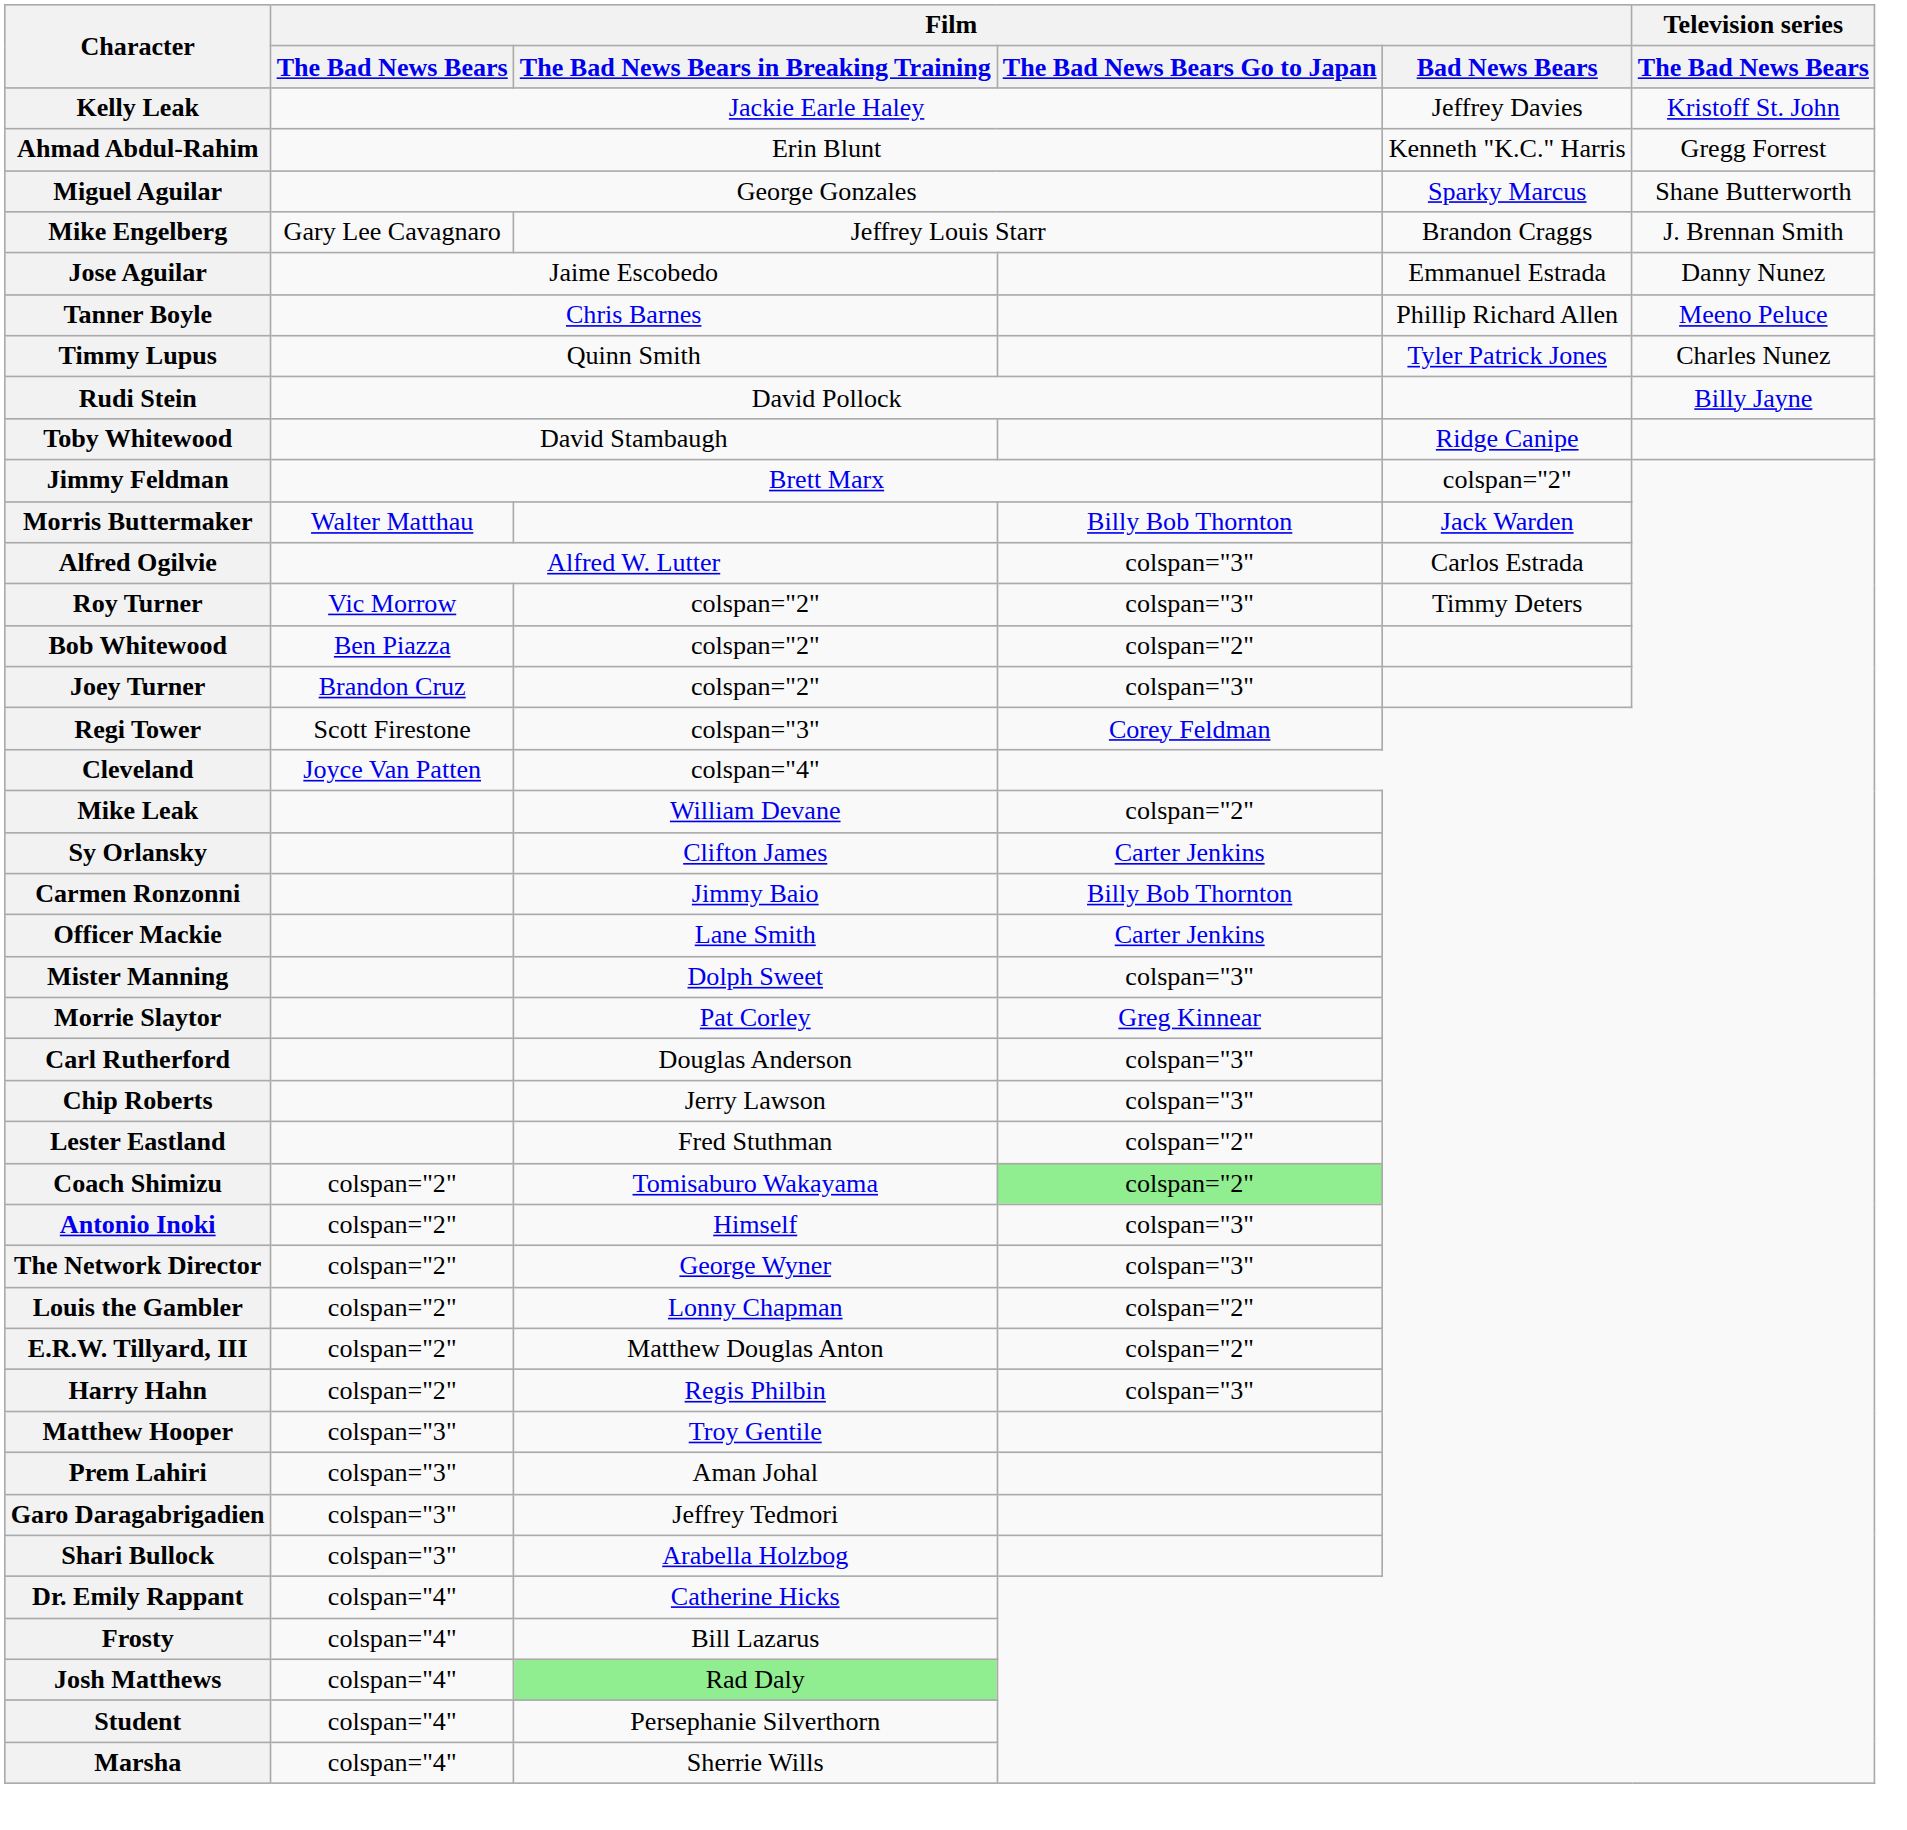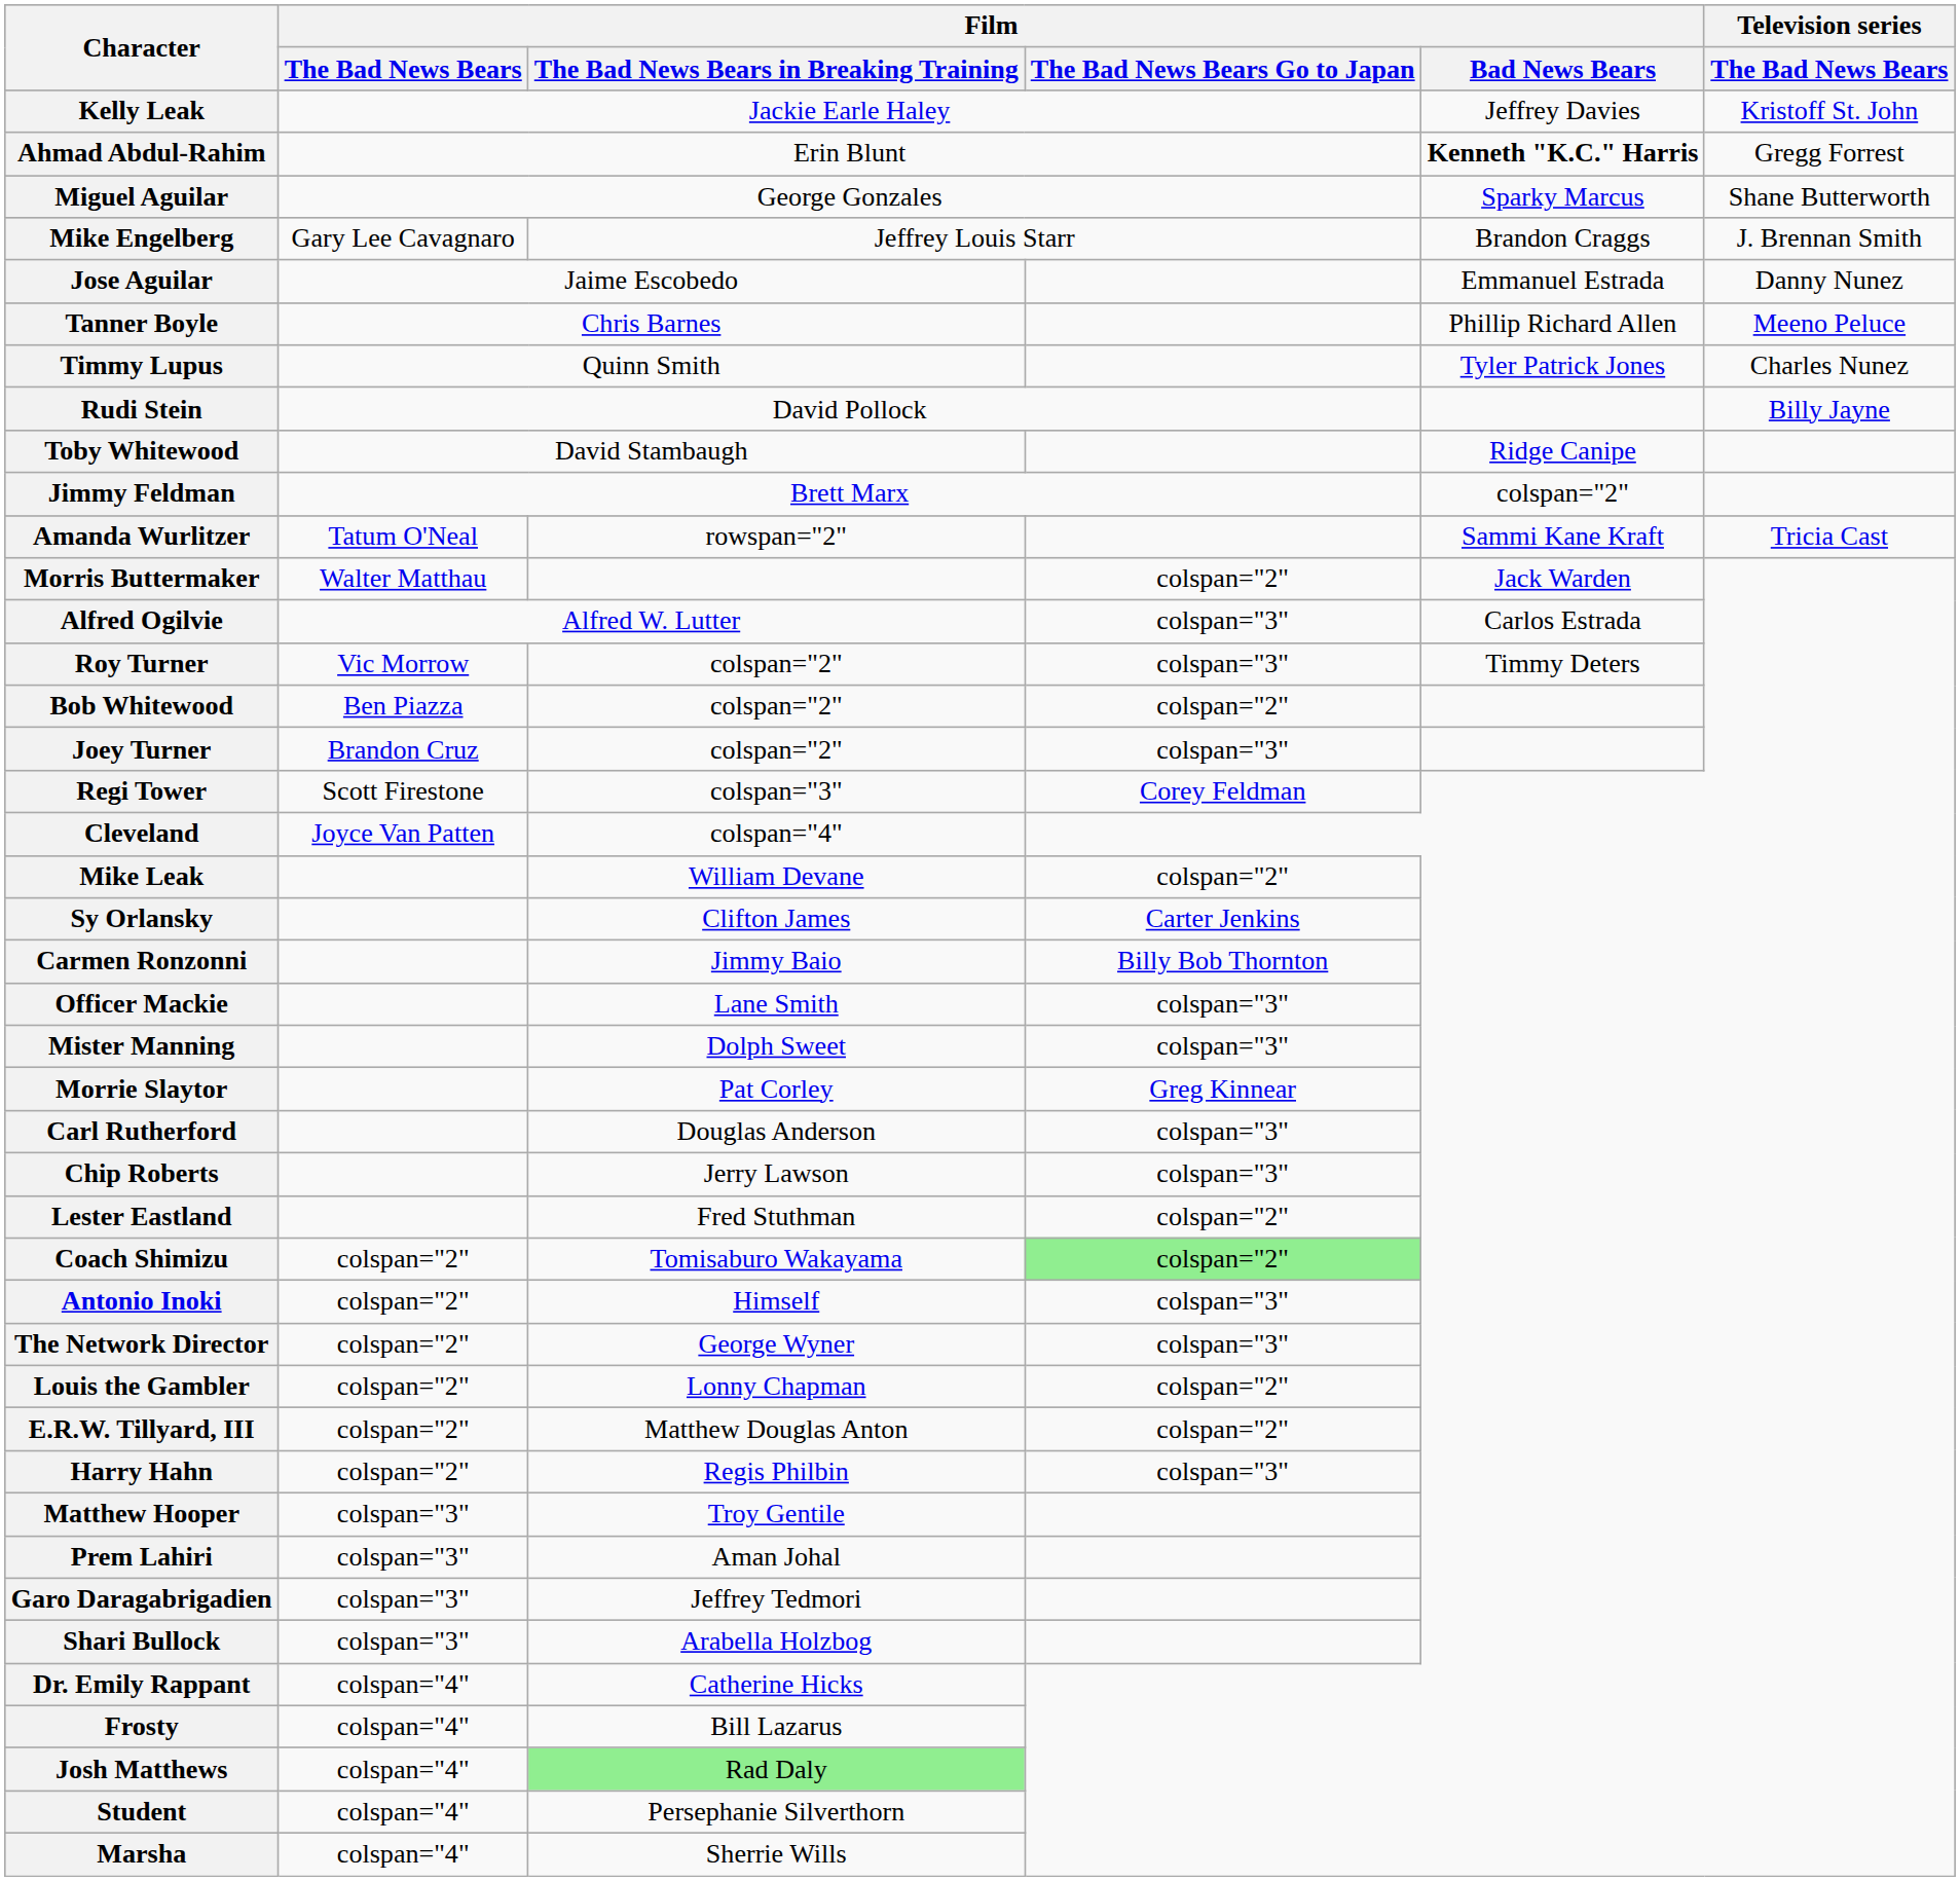 <table class="wikitable plainrowheaders" style="text-align:center;">
 <tr>
 <th scope="col" rowspan="2">Character</th>
 <th colspan="4">Film</th>
 <th>Television series</th>
 </tr>
 <tr>
 <th><a href='#'>The Bad News Bears</a></th>
 <th><a href='#'>The Bad News Bears in Breaking Training</a></th>
 <th><a href='#'>The Bad News Bears Go to Japan</a></th>
 <th><a href='#'>Bad News Bears</a></th>
 <th><a href='#'>The Bad News Bears</a></th>
 </tr>
 <tr>
 <th scope="row">Kelly Leak</th>
 <td colspan="3"><a href='#'>Jackie Earle Haley</a></td>
 <td>Jeffrey Davies</td>
 <td><a href='#'>Kristoff St. John</a></td>
 </tr>
 <tr>
 <th scope="row">Ahmad Abdul-Rahim</th>
 <td colspan="3">Erin Blunt</td>
-<td>Kenneth "K.C." Harris</td>
+<td><strong>Kenneth "K.C." Harris</strong></td>
 <td>Gregg Forrest</td>
 </tr>
 <tr>
 <th scope="row">Miguel Aguilar</th>
 <td colspan="3">George Gonzales</td>
 <td><a href='#'>Sparky Marcus</a> <br></td>
 <td>Shane Butterworth</td>
 </tr>
 <tr>
 <th scope="row">Mike Engelberg</th>
 <td>Gary Lee Cavagnaro</td>
 <td colspan="2">Jeffrey Louis Starr</td>
 <td>Brandon Craggs</td>
 <td>J. Brennan Smith</td>
 </tr>
 <tr>
 <th scope="row">Jose Aguilar</th>
 <td colspan="2">Jaime Escobedo</td>
 <td></td>
 <td>Emmanuel Estrada</td>
 <td>Danny Nunez</td>
 </tr>
 <tr>
 <th scope="row">Tanner Boyle</th>
 <td colspan="2"><a href='#'>Chris Barnes</a></td>
 <td></td>
 <td>Phillip Richard Allen</td>
 <td><a href='#'>Meeno Peluce</a></td>
 </tr>
 <tr>
 <th scope="row">Timmy Lupus</th>
 <td colspan="2">Quinn Smith</td>
 <td></td>
 <td><a href='#'>Tyler Patrick Jones</a></td>
 <td>Charles Nunez</td>
 </tr>
 <tr>
 <th scope="row">Rudi Stein</th>
 <td colspan="3">David Pollock</td>
 <td></td>
 <td><a href='#'>Billy Jayne</a></td>
 </tr>
 <tr>
 <th scope="row">Toby Whitewood</th>
 <td colspan="2">David Stambaugh</td>
 <td></td>
 <td><a href='#'>Ridge Canipe</a></td>
 <td></td>
 </tr>
 <tr>
 <th scope="row">Jimmy Feldman</th>
 <td colspan="3"><a href='#'>Brett Marx</a></td>
 <td>colspan="2" </td>
 </tr>
 <tr>
+<th scope="row">Amanda Wurlitzer</th>
+<td><a href='#'>Tatum O'Neal</a></td>
+<td>rowspan="2" </td>
+<td></td>
+<td><a href='#'>Sammi Kane Kraft</a></td>
+<td><a href='#'>Tricia Cast</a></td>
+</tr>
+<tr>
 <th scope="row">Morris Buttermaker</th>
 <td><a href='#'>Walter Matthau</a></td>
 <td></td>
-<td><a href='#'>Billy Bob Thornton</a></td>
+<td>colspan="2" </td>
 <td><a href='#'>Jack Warden</a></td>
 </tr>
 <tr>
 <th scope="row">Alfred Ogilvie</th>
 <td colspan="2"><a href='#'>Alfred W. Lutter</a></td>
 <td>colspan="3" </td>
 <td>Carlos Estrada</td>
 </tr>
 <tr>
 <th scope="row">Roy Turner</th>
 <td><a href='#'>Vic Morrow</a></td>
 <td>colspan="2" </td>
 <td>colspan="3" </td>
 <td>Timmy Deters</td>
 </tr>
 <tr>
 <th scope="row">Bob Whitewood</th>
 <td><a href='#'>Ben Piazza</a></td>
 <td>colspan="2" </td>
 <td>colspan="2" </td>
 <td></td>
 </tr>
 <tr>
 <th scope="row">Joey Turner</th>
 <td><a href='#'>Brandon Cruz</a></td>
 <td>colspan="2" </td>
 <td>colspan="3" </td>
 <td></td>
 </tr>
 <tr>
 <th scope="row">Regi Tower</th>
 <td>Scott Firestone</td>
 <td>colspan="3" </td>
 <td><a href='#'>Corey Feldman</a></td>
 </tr>
 <tr>
 <th scope="row">Cleveland</th>
 <td><a href='#'>Joyce Van Patten</a></td>
 <td>colspan="4" </td>
 </tr>
 <tr>
 <th scope="row">Mike Leak</th>
 <td></td>
 <td><a href='#'>William Devane</a></td>
 <td>colspan="2" </td>
 </tr>
 <tr>
 <th scope="row">Sy Orlansky</th>
 <td></td>
 <td><a href='#'>Clifton James</a></td>
 <td><a href='#'>Carter Jenkins</a> <br></td>
 </tr>
 <tr>
 <th scope="row">Carmen Ronzonni</th>
 <td></td>
 <td><a href='#'>Jimmy Baio</a></td>
 <td><a href='#'>Billy Bob Thornton</a></td>
 </tr>
 <tr>
 <th scope="row">Officer Mackie</th>
 <td></td>
 <td><a href='#'>Lane Smith</a></td>
-<td><a href='#'>Carter Jenkins</a> <br></td>
+<td>colspan="3" </td>
 </tr>
 <tr>
 <th scope="row">Mister Manning</th>
 <td></td>
 <td><a href='#'>Dolph Sweet</a></td>
 <td>colspan="3" </td>
 </tr>
 <tr>
 <th scope="row">Morrie Slaytor</th>
 <td></td>
 <td><a href='#'>Pat Corley</a></td>
 <td><a href='#'>Greg Kinnear</a> <br></td>
 </tr>
 <tr>
 <th scope="row">Carl Rutherford</th>
 <td></td>
 <td>Douglas Anderson</td>
 <td>colspan="3" </td>
 </tr>
 <tr>
 <th scope="row">Chip Roberts</th>
 <td></td>
 <td>Jerry Lawson</td>
 <td>colspan="3" </td>
 </tr>
 <tr>
 <th scope="row">Lester Eastland</th>
 <td></td>
 <td>Fred Stuthman</td>
 <td>colspan="2" </td>
 </tr>
 <tr>
 <th scope="row">Coach Shimizu</th>
 <td>colspan="2" </td>
 <td><a href='#'>Tomisaburo Wakayama</a></td>
 <td style="background: lightgreen;">colspan="2" </td>
 </tr>
 <tr>
 <th scope="row"><a href='#'>Antonio Inoki</a></th>
 <td>colspan="2" </td>
 <td><a href='#'>Himself</a></td>
 <td>colspan="3" </td>
 </tr>
 <tr>
 <th scope="row">The Network Director</th>
 <td>colspan="2" </td>
 <td><a href='#'>George Wyner</a></td>
 <td>colspan="3" </td>
 </tr>
 <tr>
 <th scope="row">Louis the Gambler</th>
 <td>colspan="2" </td>
 <td><a href='#'>Lonny Chapman</a></td>
 <td>colspan="2" </td>
 </tr>
 <tr>
 <th scope="row">E.R.W. Tillyard, III</th>
 <td>colspan="2" </td>
 <td>Matthew Douglas Anton</td>
 <td>colspan="2" </td>
 </tr>
 <tr>
 <th scope="row">Harry Hahn</th>
 <td>colspan="2" </td>
 <td><a href='#'>Regis Philbin</a></td>
 <td>colspan="3" </td>
 </tr>
 <tr>
 <th scope="row">Matthew Hooper</th>
 <td>colspan="3" </td>
 <td><a href='#'>Troy Gentile</a></td>
 <td></td>
 </tr>
 <tr>
 <th scope="row">Prem Lahiri</th>
 <td>colspan="3" </td>
 <td>Aman Johal</td>
 <td></td>
 </tr>
 <tr>
 <th scope="row">Garo Daragabrigadien</th>
 <td>colspan="3" </td>
 <td>Jeffrey Tedmori</td>
 <td></td>
 </tr>
 <tr>
 <th scope="row">Shari Bullock</th>
 <td>colspan="3" </td>
 <td><a href='#'>Arabella Holzbog</a></td>
 <td></td>
 </tr>
 <tr>
 <th scope="row">Dr. Emily Rappant</th>
 <td>colspan="4" </td>
 <td><a href='#'>Catherine Hicks</a></td>
 </tr>
 <tr>
 <th scope="row">Frosty</th>
 <td>colspan="4" </td>
 <td>Bill Lazarus</td>
 </tr>
 <tr>
 <th scope="row">Josh Matthews</th>
 <td>colspan="4" </td>
 <td style="background: lightgreen;">Rad Daly</td>
 </tr>
 <tr>
 <th scope="row">Student</th>
 <td>colspan="4" </td>
 <td>Persephanie Silverthorn</td>
 </tr>
 <tr>
 <th scope="row">Marsha</th>
 <td>colspan="4" </td>
 <td>Sherrie Wills</td>
 </tr>
 </table>
